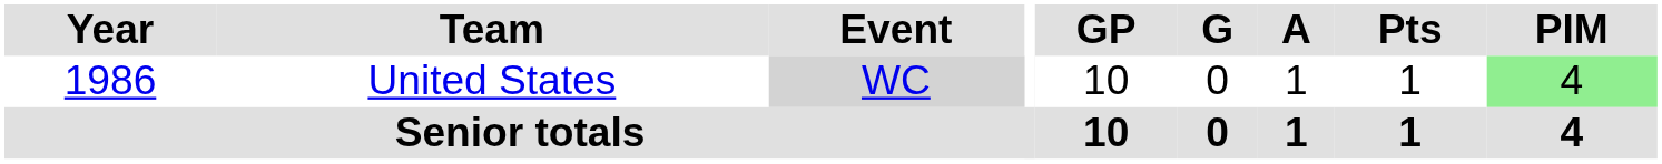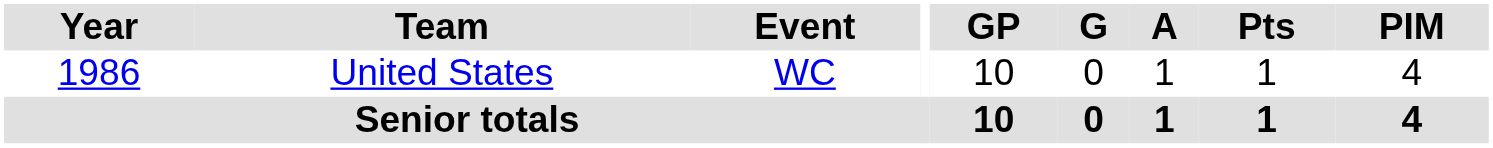 <table border="0" cellpadding="1" cellspacing="0" ID="Table3" style="text-align:center; width:40em">
 <tr bgcolor="#e0e0e0">
 <th>Year</th>
 <th>Team</th>
 <th>Event</th>
 <th rowspan="102" bgcolor="#ffffff"></th>
 <th>GP</th>
 <th>G</th>
 <th>A</th>
 <th>Pts</th>
 <th>PIM</th>
 </tr>
 <tr>
 <td><a href='#'>1986</a></td>
 <td><a href='#'>United States</a></td>
-<td style="background: lightgrey;"><a href='#'>WC</a></td>
+<td><a href='#'>WC</a></td>
 <td>10</td>
 <td>0</td>
 <td>1</td>
 <td>1</td>
-<td style="background: lightgreen;">4</td>
+<td>4</td>
 </tr>
 <tr bgcolor="#e0e0e0">
 <th colspan="4">Senior totals</th>
 <th>10</th>
 <th>0</th>
 <th>1</th>
 <th>1</th>
 <th>4</th>
 </tr>
 </table>
